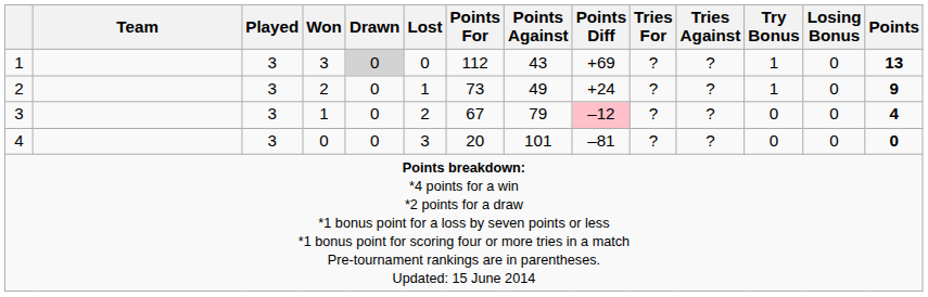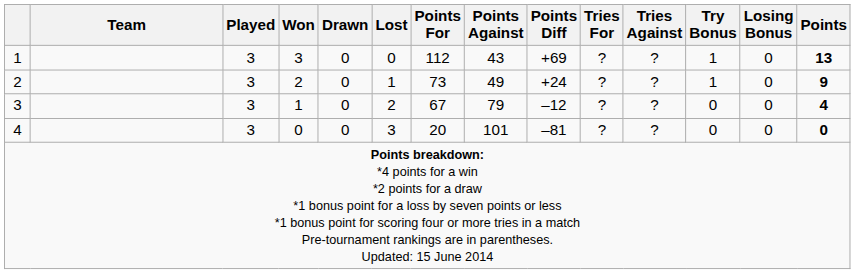 <table class="wikitable" style="text-align: center;">
 <tr>
 <th bgcolor="#efefef" width="20"></th>
 <th bgcolor="#efefef" width="195">Team</th>
 <th bgcolor="#efefef" width="20">Played</th>
 <th bgcolor="#efefef" width="20">Won</th>
 <th bgcolor="#efefef" width="20">Drawn</th>
 <th bgcolor="#efefef" width="20">Lost</th>
 <th bgcolor="#efefef" width="20">Points For</th>
 <th bgcolor="#efefef" width="20">Points Against</th>
 <th bgcolor="#efefef" width="20">Points Diff</th>
 <th bgcolor="#efefef" width="20">Tries For</th>
 <th bgcolor="#efefef" width="20">Tries Against</th>
 <th bgcolor="#efefef" width="20">Try Bonus</th>
 <th bgcolor="#efefef" width="20">Losing Bonus</th>
 <th bgcolor="#efefef" width="20">Points<br></th>
 </tr>
 <tr align=center>
 <td>1</td>
 <td align=left></td>
 <td>3</td>
 <td>3</td>
-<td style="background: lightgrey;">0</td>
+<td>0</td>
 <td>0</td>
 <td>112</td>
 <td>43</td>
 <td>+69</td>
 <td>?</td>
 <td>?</td>
 <td>1</td>
 <td>0</td>
 <td><strong>13</strong></td>
 </tr>
 <tr align=center>
 <td>2</td>
 <td align=left></td>
 <td>3</td>
 <td>2</td>
 <td>0</td>
 <td>1</td>
 <td>73</td>
 <td>49</td>
 <td>+24</td>
 <td>?</td>
 <td>?</td>
 <td>1</td>
 <td>0</td>
 <td><strong>9</strong></td>
 </tr>
 <tr align=center>
 <td>3</td>
 <td align=left></td>
 <td>3</td>
 <td>1</td>
 <td>0</td>
 <td>2</td>
 <td>67</td>
 <td>79</td>
-<td style="background: pink;">–12</td>
+<td>–12</td>
 <td>?</td>
 <td>?</td>
 <td>0</td>
 <td>0</td>
 <td><strong>4</strong></td>
 </tr>
 <tr align=center>
 <td>4</td>
 <td align=left></td>
 <td>3</td>
 <td>0</td>
 <td>0</td>
 <td>3</td>
 <td>20</td>
 <td>101</td>
 <td>–81</td>
 <td>?</td>
 <td>?</td>
 <td>0</td>
 <td>0</td>
 <td><strong>0</strong></td>
 </tr>
 <tr |align=left|>
 <td colspan="14" style="border:0px"><small><strong>Points breakdown:</strong><br>*4 points for a win<br>*2 points for a draw<br>*1 bonus point for a loss by seven points or less<br>*1 bonus point for scoring four or more tries in a match<br>Pre-tournament rankings are in parentheses.<br>Updated: 15 June 2014</small></td>
 </tr>
 </table>
